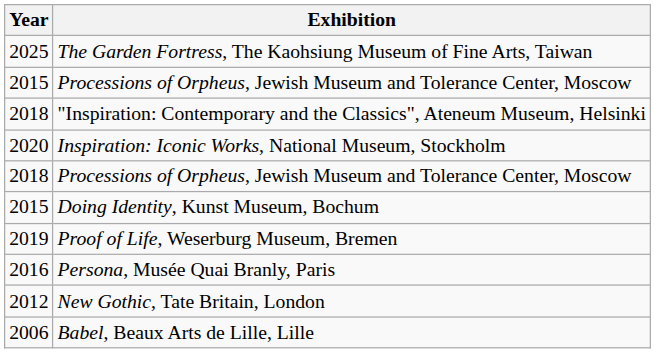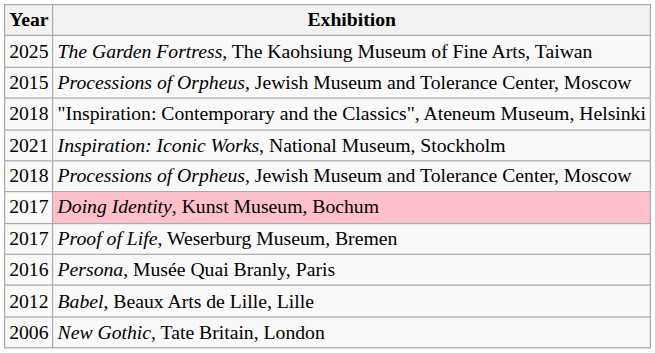 <table class="wikitable">
 <tr>
 <th>Year</th>
 <th>Exhibition</th>
 </tr>
 <tr>
 <td>2025</td>
 <td><em>The Garden Fortress</em>, The Kaohsiung Museum of Fine Arts, Taiwan</td>
 </tr>
 <tr>
 <td>2015</td>
 <td><em>Processions of Orpheus</em>, Jewish Museum and Tolerance Center, Moscow</td>
 </tr>
 <tr>
 <td>2018</td>
 <td>"Inspiration: Contemporary and the Classics", Ateneum Museum, Helsinki</td>
 </tr>
 <tr>
-<td>2020</td>
+<td>2021</td>
 <td><em>Inspiration: Iconic Works</em>, National Museum, Stockholm</td>
 </tr>
 <tr>
 <td>2018</td>
 <td><em>Processions of Orpheus</em>, Jewish Museum and Tolerance Center, Moscow</td>
 </tr>
 <tr>
-<td>2015</td>
-<td><em>Doing Identity</em>, Kunst Museum, Bochum</td>
+<td>2017</td>
+<td style="background: pink;"><em>Doing Identity</em>, Kunst Museum, Bochum</td>
 </tr>
 <tr>
-<td>2019</td>
+<td>2017</td>
 <td><em>Proof of Life</em>, Weserburg Museum, Bremen</td>
 </tr>
 <tr>
 <td>2016</td>
 <td><em>Persona</em>, Musée Quai Branly, Paris</td>
 </tr>
 <tr>
 <td>2012</td>
-<td><em>New Gothic</em>, Tate Britain, London</td>
+<td><em>Babel</em>, Beaux Arts de Lille, Lille</td>
 </tr>
 <tr>
 <td>2006</td>
-<td><em>Babel</em>, Beaux Arts de Lille, Lille</td>
+<td><em>New Gothic</em>, Tate Britain, London</td>
 </tr>
 </table>
